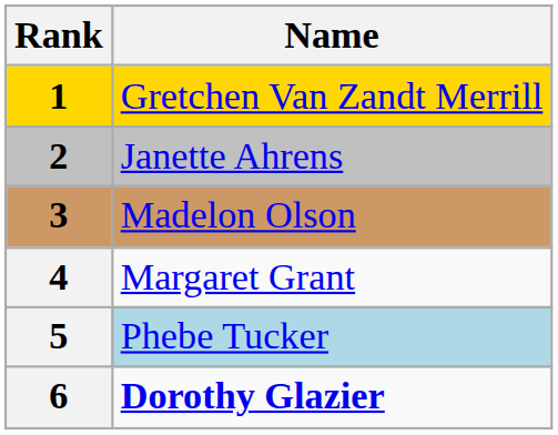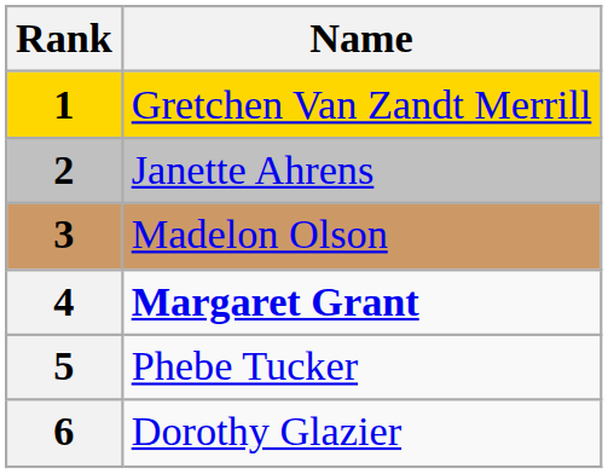 <table class="wikitable">
 <tr>
 <th>Rank</th>
 <th>Name</th>
 </tr>
 <tr bgcolor="gold">
 <td align="center"><strong>1</strong></td>
 <td><a href='#'>Gretchen Van Zandt Merrill</a></td>
 </tr>
 <tr bgcolor="silver">
 <td align="center"><strong>2</strong></td>
 <td><a href='#'>Janette Ahrens</a></td>
 </tr>
 <tr bgcolor="cc9966">
 <td align="center"><strong>3</strong></td>
 <td><a href='#'>Madelon Olson</a></td>
 </tr>
 <tr>
 <th>4</th>
-<td><a href='#'>Margaret Grant</a></td>
+<td><strong><a href='#'>Margaret Grant</a></strong></td>
 </tr>
 <tr>
 <th>5</th>
-<td style="background: lightblue;"><a href='#'>Phebe Tucker</a></td>
+<td><a href='#'>Phebe Tucker</a></td>
 </tr>
 <tr>
 <th>6</th>
-<td><strong><a href='#'>Dorothy Glazier</a></strong></td>
+<td><a href='#'>Dorothy Glazier</a></td>
 </tr>
 </table>
